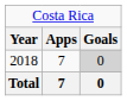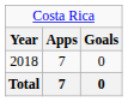 <table class="wikitable" style="text-align:center">
 <tr>
 <td colspan="3"><a href='#'>Costa Rica</a></td>
 </tr>
 <tr>
 <th>Year</th>
 <th>Apps</th>
 <th>Goals</th>
 </tr>
 <tr>
 <td>2018</td>
 <td>7</td>
-<td style="background: lightgrey;">0</td>
+<td>0</td>
 </tr>
 <tr>
 <th>Total</th>
 <th>7</th>
 <th>0</th>
 </tr>
 </table>
